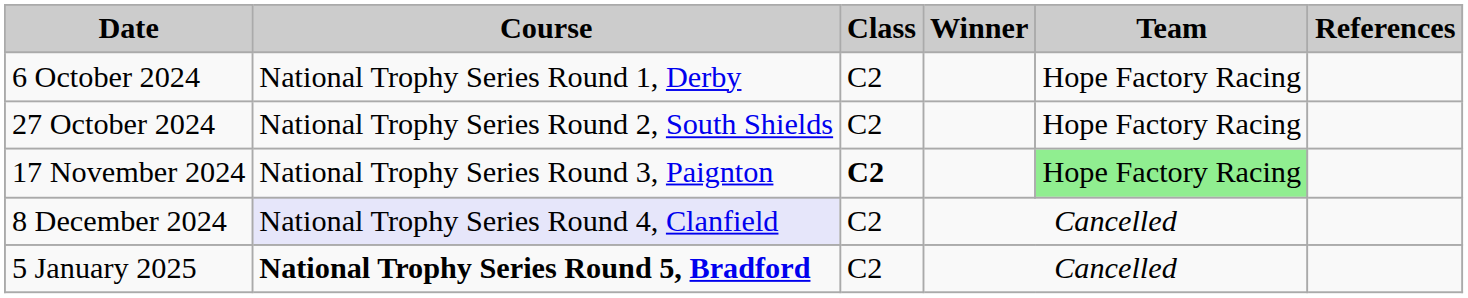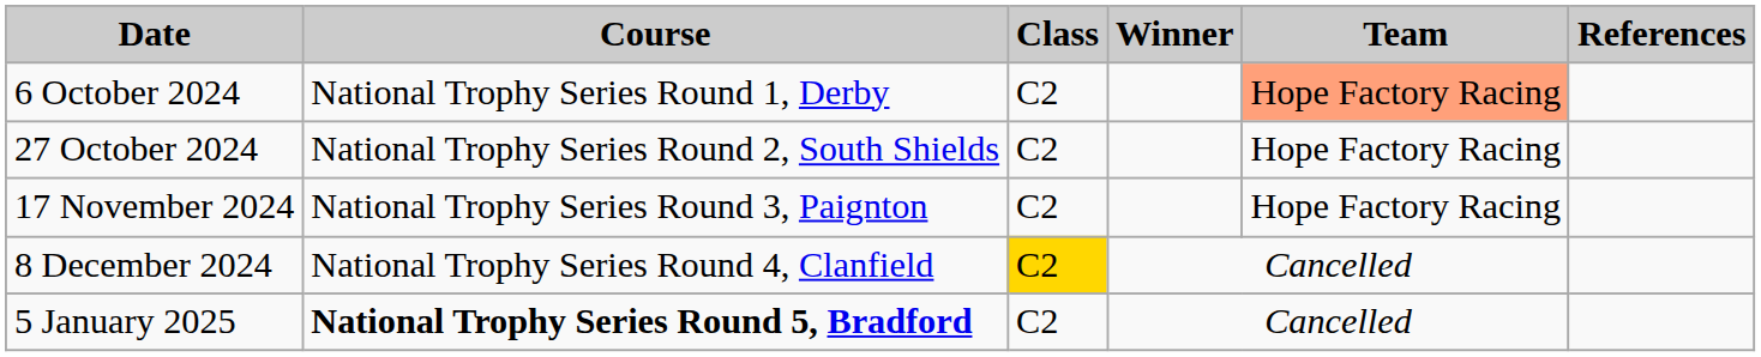 <table class="wikitable sortable alternance ">
 <tr>
 <th scope="col" style="background-color:#CCCCCC;">Date</th>
 <th scope="col" style="background-color:#CCCCCC;">Course</th>
 <th scope="col" style="background-color:#CCCCCC;">Class</th>
 <th scope="col" style="background-color:#CCCCCC;">Winner</th>
 <th scope="col" style="background-color:#CCCCCC;">Team</th>
 <th scope="col" style="background-color:#CCCCCC;">References</th>
 </tr>
 <tr>
 <td>6 October 2024</td>
 <td> National Trophy Series Round 1, <a href='#'>Derby</a></td>
 <td>C2</td>
 <td></td>
-<td>Hope Factory Racing</td>
+<td style="background: lightsalmon;">Hope Factory Racing</td>
 <td></td>
 </tr>
 <tr>
 <td>27 October 2024</td>
 <td> National Trophy Series Round 2, <a href='#'>South Shields</a></td>
 <td>C2</td>
 <td></td>
 <td>Hope Factory Racing</td>
 <td></td>
 </tr>
 <tr>
 <td>17 November 2024</td>
 <td> National Trophy Series Round 3, <a href='#'>Paignton</a></td>
-<td><strong>C2</strong></td>
+<td>C2</td>
 <td></td>
-<td style="background: lightgreen;">Hope Factory Racing</td>
+<td>Hope Factory Racing</td>
 <td></td>
 </tr>
 <tr>
 <td>8 December 2024</td>
-<td style="background: lavender;"> National Trophy Series Round 4, <a href='#'>Clanfield</a></td>
-<td>C2</td>
+<td> National Trophy Series Round 4, <a href='#'>Clanfield</a></td>
+<td style="background: gold;">C2</td>
 <td align=center colspan="2"><em>Cancelled</em></td>
 <td></td>
 </tr>
 <tr>
 <td>5 January 2025</td>
 <td><strong> National Trophy Series Round 5, <a href='#'>Bradford</a></strong></td>
 <td>C2</td>
 <td align=center colspan="2"><em>Cancelled</em></td>
 <td></td>
 </tr>
 </table>
